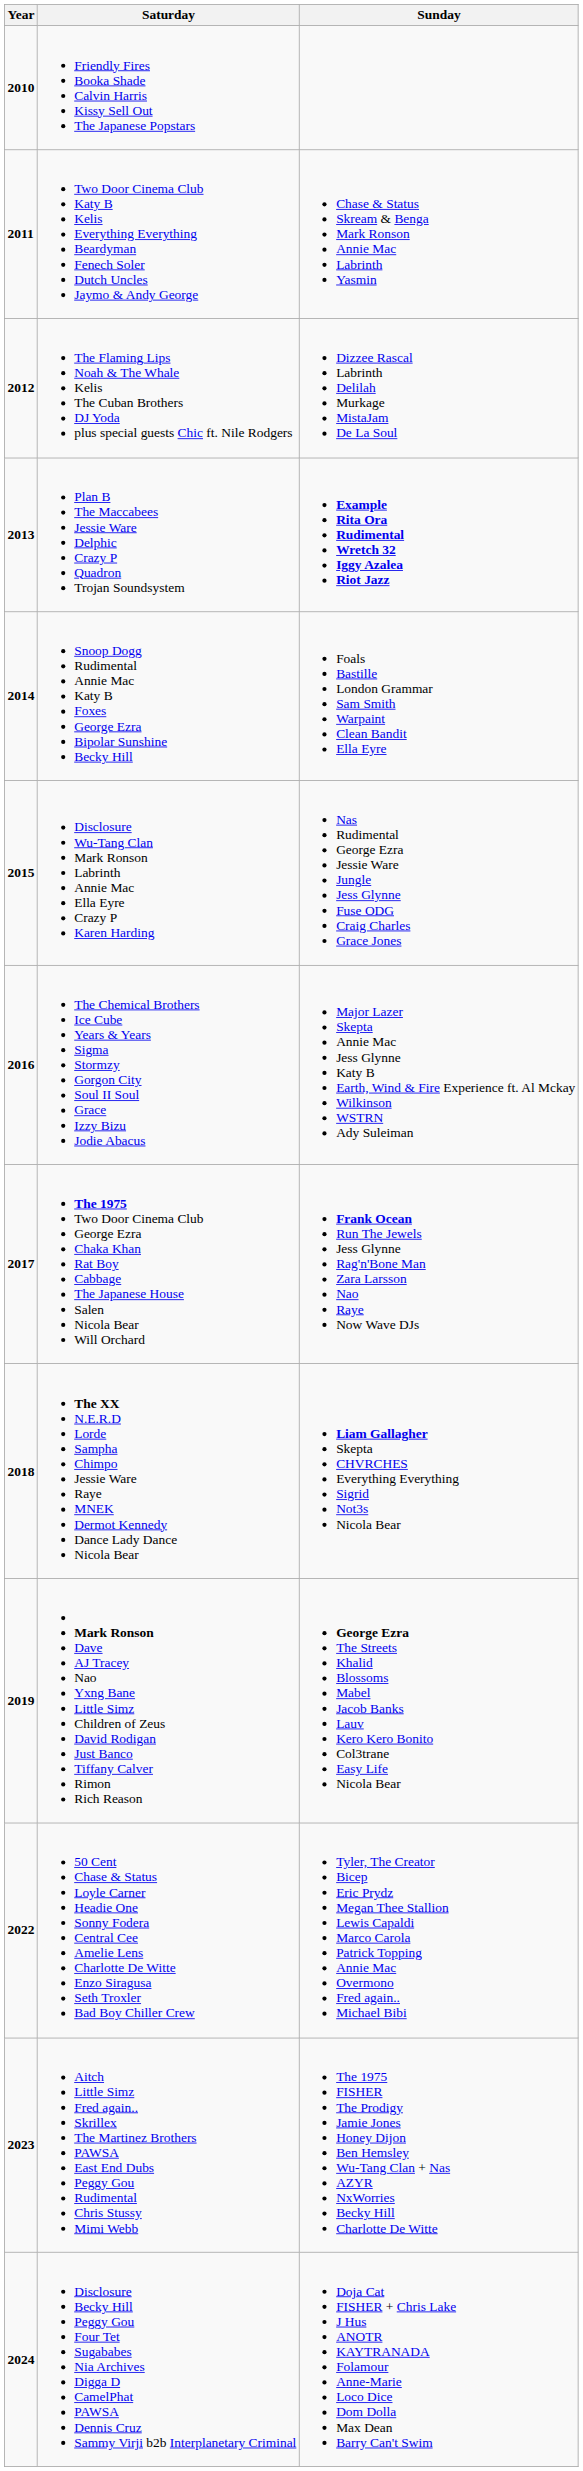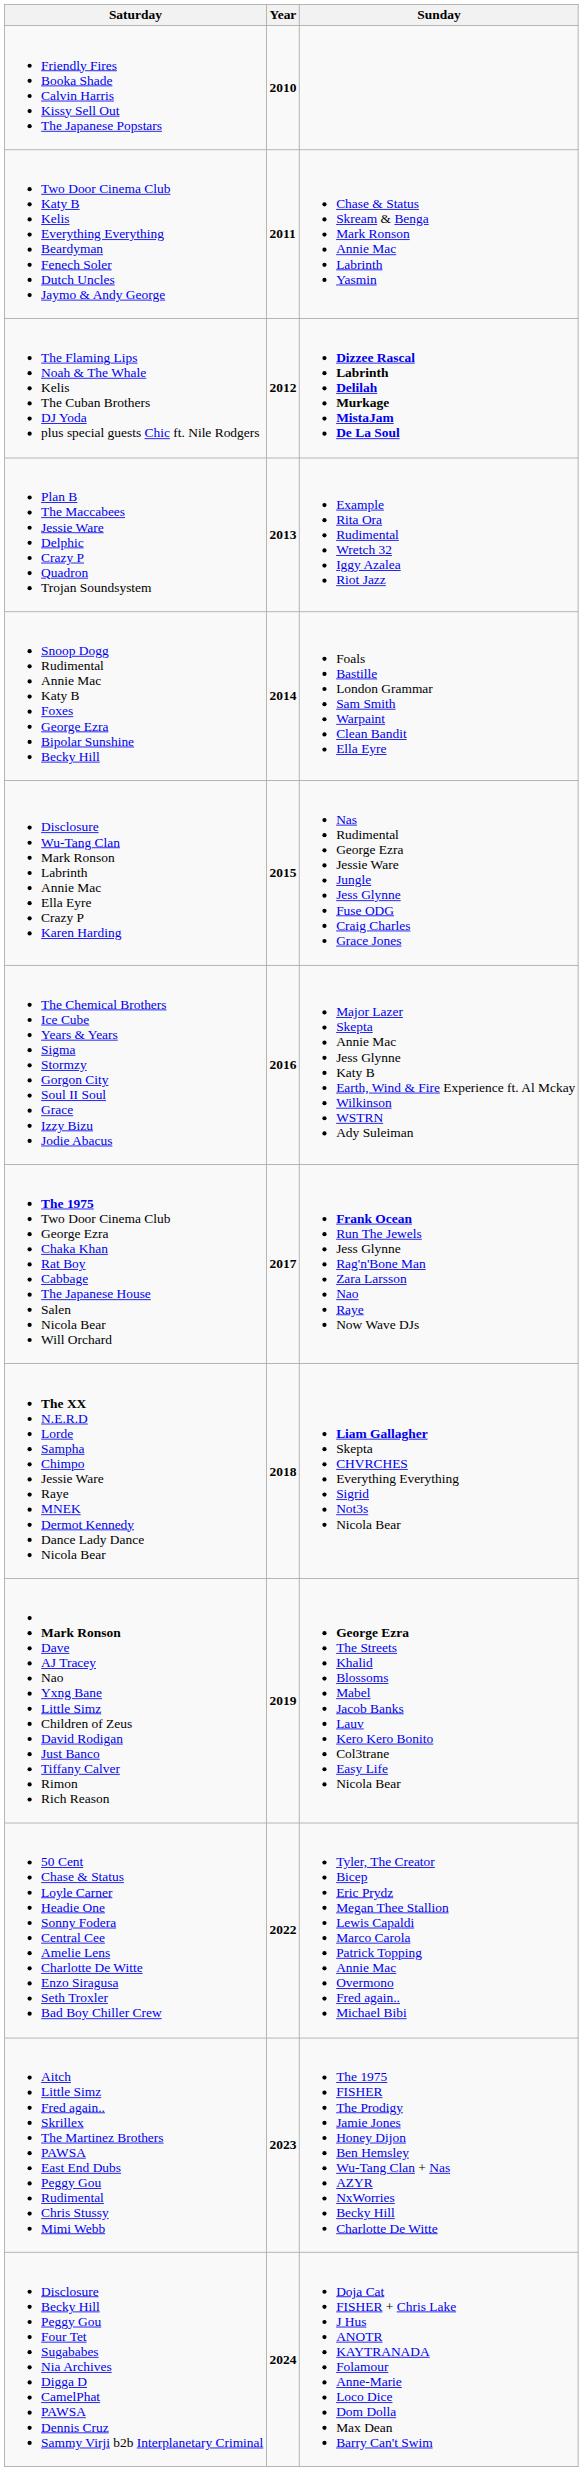 <table class="wikitable">
 <tr>
+<th>Saturday</th>
 <th>Year</th>
-<th>Saturday</th>
 <th>Sunday</th>
 </tr>
 <tr>
+<td><br><ul><li><a href='#'>Friendly Fires</a></li><li><a href='#'>Booka Shade</a></li><li><a href='#'>Calvin Harris</a></li><li><a href='#'>Kissy Sell Out</a></li><li><a href='#'>The Japanese Popstars</a></li></ul></td>
 <td><strong>2010</strong></td>
-<td><br><ul><li><a href='#'>Friendly Fires</a></li><li><a href='#'>Booka Shade</a></li><li><a href='#'>Calvin Harris</a></li><li><a href='#'>Kissy Sell Out</a></li><li><a href='#'>The Japanese Popstars</a></li></ul></td>
 <td></td>
 </tr>
 <tr>
+<td><br><ul><li><a href='#'>Two Door Cinema Club</a></li><li><a href='#'>Katy B</a></li><li><a href='#'>Kelis</a></li><li><a href='#'>Everything Everything</a></li><li><a href='#'>Beardyman</a></li><li><a href='#'>Fenech Soler</a></li><li><a href='#'>Dutch Uncles</a></li><li><a href='#'>Jaymo & Andy George</a></li></ul></td>
 <td><strong>2011</strong></td>
-<td><br><ul><li><a href='#'>Two Door Cinema Club</a></li><li><a href='#'>Katy B</a></li><li><a href='#'>Kelis</a></li><li><a href='#'>Everything Everything</a></li><li><a href='#'>Beardyman</a></li><li><a href='#'>Fenech Soler</a></li><li><a href='#'>Dutch Uncles</a></li><li><a href='#'>Jaymo & Andy George</a></li></ul></td>
 <td><br><ul><li><a href='#'>Chase & Status</a></li><li><a href='#'>Skream</a> & <a href='#'>Benga</a></li><li><a href='#'>Mark Ronson</a></li><li><a href='#'>Annie Mac</a></li><li><a href='#'>Labrinth</a></li><li><a href='#'>Yasmin</a></li></ul></td>
 </tr>
 <tr>
+<td><br><ul><li><a href='#'>The Flaming Lips</a></li><li><a href='#'>Noah & The Whale</a></li><li>Kelis</li><li>The Cuban Brothers</li><li><a href='#'>DJ Yoda</a></li><li>plus special guests <a href='#'>Chic</a> ft. Nile Rodgers</li></ul></td>
 <td><strong>2012</strong></td>
-<td><br><ul><li><a href='#'>The Flaming Lips</a></li><li><a href='#'>Noah & The Whale</a></li><li>Kelis</li><li>The Cuban Brothers</li><li><a href='#'>DJ Yoda</a></li><li>plus special guests <a href='#'>Chic</a> ft. Nile Rodgers</li></ul></td>
-<td><br><ul><li><a href='#'>Dizzee Rascal</a></li><li>Labrinth</li><li><a href='#'>Delilah</a></li><li>Murkage</li><li><a href='#'>MistaJam</a></li><li><a href='#'>De La Soul</a></li></ul></td>
+<td><strong><br><ul><li><a href='#'>Dizzee Rascal</a></li><li>Labrinth</li><li><a href='#'>Delilah</a></li><li>Murkage</li><li><a href='#'>MistaJam</a></li><li><a href='#'>De La Soul</a></li></ul></strong></td>
 </tr>
 <tr>
+<td><br><ul><li><a href='#'>Plan B</a></li><li><a href='#'>The Maccabees</a></li><li><a href='#'>Jessie Ware</a></li><li><a href='#'>Delphic</a></li><li><a href='#'>Crazy P</a></li><li><a href='#'>Quadron</a></li><li>Trojan Soundsystem</li></ul></td>
 <td><strong>2013</strong></td>
-<td><br><ul><li><a href='#'>Plan B</a></li><li><a href='#'>The Maccabees</a></li><li><a href='#'>Jessie Ware</a></li><li><a href='#'>Delphic</a></li><li><a href='#'>Crazy P</a></li><li><a href='#'>Quadron</a></li><li>Trojan Soundsystem</li></ul></td>
-<td><strong><br><ul><li><a href='#'>Example</a></li><li><a href='#'>Rita Ora</a></li><li><a href='#'>Rudimental</a></li><li><a href='#'>Wretch 32</a></li><li><a href='#'>Iggy Azalea</a></li><li><a href='#'>Riot Jazz</a></li></ul></strong></td>
+<td><br><ul><li><a href='#'>Example</a></li><li><a href='#'>Rita Ora</a></li><li><a href='#'>Rudimental</a></li><li><a href='#'>Wretch 32</a></li><li><a href='#'>Iggy Azalea</a></li><li><a href='#'>Riot Jazz</a></li></ul></td>
 </tr>
 <tr>
+<td><br><ul><li><a href='#'>Snoop Dogg</a></li><li>Rudimental</li><li>Annie Mac</li><li>Katy B</li><li><a href='#'>Foxes</a></li><li><a href='#'>George Ezra</a></li><li><a href='#'>Bipolar Sunshine</a></li><li><a href='#'>Becky Hill</a></li></ul></td>
 <td><strong>2014</strong></td>
-<td><br><ul><li><a href='#'>Snoop Dogg</a></li><li>Rudimental</li><li>Annie Mac</li><li>Katy B</li><li><a href='#'>Foxes</a></li><li><a href='#'>George Ezra</a></li><li><a href='#'>Bipolar Sunshine</a></li><li><a href='#'>Becky Hill</a></li></ul></td>
 <td><br><ul><li>Foals</li><li><a href='#'>Bastille</a></li><li>London Grammar</li><li><a href='#'>Sam Smith</a></li><li><a href='#'>Warpaint</a></li><li><a href='#'>Clean Bandit</a></li><li><a href='#'>Ella Eyre</a></li></ul></td>
 </tr>
 <tr>
+<td><br><ul><li><a href='#'>Disclosure</a></li><li><a href='#'>Wu-Tang Clan</a></li><li>Mark Ronson</li><li>Labrinth</li><li>Annie Mac</li><li>Ella Eyre</li><li>Crazy P</li><li><a href='#'>Karen Harding</a></li></ul></td>
 <td><strong>2015</strong></td>
-<td><br><ul><li><a href='#'>Disclosure</a></li><li><a href='#'>Wu-Tang Clan</a></li><li>Mark Ronson</li><li>Labrinth</li><li>Annie Mac</li><li>Ella Eyre</li><li>Crazy P</li><li><a href='#'>Karen Harding</a></li></ul></td>
 <td><br><ul><li><a href='#'>Nas</a></li><li>Rudimental</li><li>George Ezra</li><li>Jessie Ware</li><li><a href='#'>Jungle</a></li><li><a href='#'>Jess Glynne</a></li><li><a href='#'>Fuse ODG</a></li><li><a href='#'>Craig Charles</a></li><li><a href='#'>Grace Jones</a></li></ul></td>
 </tr>
 <tr>
+<td><br><ul><li><a href='#'>The Chemical Brothers</a></li><li><a href='#'>Ice Cube</a></li><li><a href='#'>Years & Years</a></li><li><a href='#'>Sigma</a></li><li><a href='#'>Stormzy</a></li><li><a href='#'>Gorgon City</a></li><li><a href='#'>Soul II Soul</a></li><li><a href='#'>Grace</a></li><li><a href='#'>Izzy Bizu</a></li><li><a href='#'>Jodie Abacus</a></li></ul></td>
 <td><strong>2016</strong></td>
-<td><br><ul><li><a href='#'>The Chemical Brothers</a></li><li><a href='#'>Ice Cube</a></li><li><a href='#'>Years & Years</a></li><li><a href='#'>Sigma</a></li><li><a href='#'>Stormzy</a></li><li><a href='#'>Gorgon City</a></li><li><a href='#'>Soul II Soul</a></li><li><a href='#'>Grace</a></li><li><a href='#'>Izzy Bizu</a></li><li><a href='#'>Jodie Abacus</a></li></ul></td>
 <td><br><ul><li><a href='#'>Major Lazer</a></li><li><a href='#'>Skepta</a></li><li>Annie Mac</li><li>Jess Glynne</li><li>Katy B</li><li><a href='#'>Earth, Wind & Fire</a> Experience ft. Al Mckay</li><li><a href='#'>Wilkinson</a></li><li><a href='#'>WSTRN</a></li><li>Ady Suleiman</li></ul></td>
 </tr>
 <tr>
+<td><br><ul><li><strong><a href='#'>The 1975</a></strong></li><li>Two Door Cinema Club</li><li>George Ezra</li><li><a href='#'>Chaka Khan</a></li><li><a href='#'>Rat Boy</a></li><li><a href='#'>Cabbage</a></li><li><a href='#'>The Japanese House</a></li><li>Salen</li><li>Nicola Bear</li><li>Will Orchard</li></ul></td>
 <td><strong>2017</strong></td>
-<td><br><ul><li><strong><a href='#'>The 1975</a></strong></li><li>Two Door Cinema Club</li><li>George Ezra</li><li><a href='#'>Chaka Khan</a></li><li><a href='#'>Rat Boy</a></li><li><a href='#'>Cabbage</a></li><li><a href='#'>The Japanese House</a></li><li>Salen</li><li>Nicola Bear</li><li>Will Orchard</li></ul></td>
 <td><br><ul><li><strong><a href='#'>Frank Ocean</a></strong></li><li><a href='#'>Run The Jewels</a></li><li>Jess Glynne</li><li><a href='#'>Rag'n'Bone Man</a></li><li><a href='#'>Zara Larsson</a></li><li><a href='#'>Nao</a></li><li><a href='#'>Raye</a></li><li>Now Wave DJs</li></ul></td>
 </tr>
 <tr>
+<td><br><ul><li><strong>The XX</strong></li><li><a href='#'>N.E.R.D</a></li><li><a href='#'>Lorde</a></li><li><a href='#'>Sampha</a></li><li><a href='#'>Chimpo</a></li><li>Jessie Ware</li><li>Raye</li><li><a href='#'>MNEK</a></li><li><a href='#'>Dermot Kennedy</a></li><li>Dance Lady Dance</li><li>Nicola Bear</li></ul></td>
 <td><strong>2018</strong></td>
-<td><br><ul><li><strong>The XX</strong></li><li><a href='#'>N.E.R.D</a></li><li><a href='#'>Lorde</a></li><li><a href='#'>Sampha</a></li><li><a href='#'>Chimpo</a></li><li>Jessie Ware</li><li>Raye</li><li><a href='#'>MNEK</a></li><li><a href='#'>Dermot Kennedy</a></li><li>Dance Lady Dance</li><li>Nicola Bear</li></ul></td>
 <td><br><ul><li><strong><a href='#'>Liam Gallagher</a></strong></li><li>Skepta</li><li><a href='#'>CHVRCHES</a></li><li>Everything Everything</li><li><a href='#'>Sigrid</a></li><li><a href='#'>Not3s</a></li><li>Nicola Bear</li></ul></td>
 </tr>
 <tr>
+<td><br><ul><li></li><li><strong>Mark Ronson</strong></li><li><a href='#'>Dave</a></li><li><a href='#'>AJ Tracey</a></li><li>Nao</li><li><a href='#'>Yxng Bane</a></li><li><a href='#'>Little Simz</a></li><li>Children of Zeus</li><li><a href='#'>David Rodigan</a></li><li><a href='#'>Just Banco</a></li><li><a href='#'>Tiffany Calver</a></li><li>Rimon</li><li>Rich Reason</li></ul></td>
 <td><strong>2019</strong></td>
-<td><br><ul><li></li><li><strong>Mark Ronson</strong></li><li><a href='#'>Dave</a></li><li><a href='#'>AJ Tracey</a></li><li>Nao</li><li><a href='#'>Yxng Bane</a></li><li><a href='#'>Little Simz</a></li><li>Children of Zeus</li><li><a href='#'>David Rodigan</a></li><li><a href='#'>Just Banco</a></li><li><a href='#'>Tiffany Calver</a></li><li>Rimon</li><li>Rich Reason</li></ul></td>
 <td><br><ul><li><strong>George Ezra</strong></li><li><a href='#'>The Streets</a></li><li><a href='#'>Khalid</a></li><li><a href='#'>Blossoms</a></li><li><a href='#'>Mabel</a></li><li><a href='#'>Jacob Banks</a></li><li><a href='#'>Lauv</a></li><li><a href='#'>Kero Kero Bonito</a></li><li>Col3trane</li><li><a href='#'>Easy Life</a></li><li>Nicola Bear</li></ul></td>
 </tr>
 <tr>
+<td><br><ul><li><a href='#'>50 Cent</a></li><li><a href='#'>Chase & Status</a></li><li><a href='#'>Loyle Carner</a></li><li><a href='#'>Headie One</a></li><li><a href='#'>Sonny Fodera</a></li><li><a href='#'>Central Cee</a></li><li><a href='#'>Amelie Lens</a></li><li><a href='#'>Charlotte De Witte</a></li><li><a href='#'>Enzo Siragusa</a></li><li><a href='#'>Seth Troxler</a></li><li><a href='#'>Bad Boy Chiller Crew</a></li></ul></td>
 <td><strong>2022</strong></td>
-<td><br><ul><li><a href='#'>50 Cent</a></li><li><a href='#'>Chase & Status</a></li><li><a href='#'>Loyle Carner</a></li><li><a href='#'>Headie One</a></li><li><a href='#'>Sonny Fodera</a></li><li><a href='#'>Central Cee</a></li><li><a href='#'>Amelie Lens</a></li><li><a href='#'>Charlotte De Witte</a></li><li><a href='#'>Enzo Siragusa</a></li><li><a href='#'>Seth Troxler</a></li><li><a href='#'>Bad Boy Chiller Crew</a></li></ul></td>
 <td><br><ul><li><a href='#'>Tyler, The Creator</a></li><li><a href='#'>Bicep</a></li><li><a href='#'>Eric Prydz</a></li><li><a href='#'>Megan Thee Stallion</a></li><li><a href='#'>Lewis Capaldi</a></li><li><a href='#'>Marco Carola</a></li><li><a href='#'>Patrick Topping</a></li><li><a href='#'>Annie Mac</a></li><li><a href='#'>Overmono</a></li><li><a href='#'>Fred again..</a></li><li><a href='#'>Michael Bibi</a></li></ul></td>
 </tr>
 <tr>
+<td><br><ul><li><a href='#'>Aitch</a></li><li><a href='#'>Little Simz</a></li><li><a href='#'>Fred again..</a></li><li><a href='#'>Skrillex</a></li><li><a href='#'>The Martinez Brothers</a></li><li><a href='#'>PAWSA</a></li><li><a href='#'>East End Dubs</a></li><li><a href='#'>Peggy Gou</a></li><li><a href='#'>Rudimental</a></li><li><a href='#'>Chris Stussy</a></li><li><a href='#'>Mimi Webb</a></li></ul></td>
 <td><strong>2023</strong></td>
-<td><br><ul><li><a href='#'>Aitch</a></li><li><a href='#'>Little Simz</a></li><li><a href='#'>Fred again..</a></li><li><a href='#'>Skrillex</a></li><li><a href='#'>The Martinez Brothers</a></li><li><a href='#'>PAWSA</a></li><li><a href='#'>East End Dubs</a></li><li><a href='#'>Peggy Gou</a></li><li><a href='#'>Rudimental</a></li><li><a href='#'>Chris Stussy</a></li><li><a href='#'>Mimi Webb</a></li></ul></td>
 <td><br><ul><li><a href='#'>The 1975</a></li><li><a href='#'>FISHER</a></li><li><a href='#'>The Prodigy</a></li><li><a href='#'>Jamie Jones</a></li><li><a href='#'>Honey Dijon</a></li><li><a href='#'>Ben Hemsley</a></li><li><a href='#'>Wu-Tang Clan</a> + <a href='#'>Nas</a></li><li><a href='#'>AZYR</a></li><li><a href='#'>NxWorries</a></li><li><a href='#'>Becky Hill</a></li><li><a href='#'>Charlotte De Witte</a></li></ul></td>
 </tr>
 <tr>
+<td><br><ul><li><a href='#'>Disclosure</a></li><li><a href='#'>Becky Hill</a></li><li><a href='#'>Peggy Gou</a></li><li><a href='#'>Four Tet</a></li><li><a href='#'>Sugababes</a></li><li><a href='#'>Nia Archives</a></li><li><a href='#'>Digga D</a></li><li><a href='#'>CamelPhat</a></li><li><a href='#'>PAWSA</a></li><li><a href='#'>Dennis Cruz</a></li><li><a href='#'>Sammy Virji</a> b2b <a href='#'>Interplanetary Criminal</a></li></ul></td>
 <td><strong>2024</strong></td>
-<td><br><ul><li><a href='#'>Disclosure</a></li><li><a href='#'>Becky Hill</a></li><li><a href='#'>Peggy Gou</a></li><li><a href='#'>Four Tet</a></li><li><a href='#'>Sugababes</a></li><li><a href='#'>Nia Archives</a></li><li><a href='#'>Digga D</a></li><li><a href='#'>CamelPhat</a></li><li><a href='#'>PAWSA</a></li><li><a href='#'>Dennis Cruz</a></li><li><a href='#'>Sammy Virji</a> b2b <a href='#'>Interplanetary Criminal</a></li></ul></td>
 <td><br><ul><li><a href='#'>Doja Cat</a></li><li><a href='#'>FISHER</a> + <a href='#'>Chris Lake</a></li><li><a href='#'>J Hus</a></li><li><a href='#'>ANOTR</a></li><li><a href='#'>KAYTRANADA</a></li><li><a href='#'>Folamour</a></li><li><a href='#'>Anne-Marie</a></li><li><a href='#'>Loco Dice</a></li><li><a href='#'>Dom Dolla</a></li><li>Max Dean</li><li><a href='#'>Barry Can't Swim</a></li></ul></td>
 </tr>
 </table>
